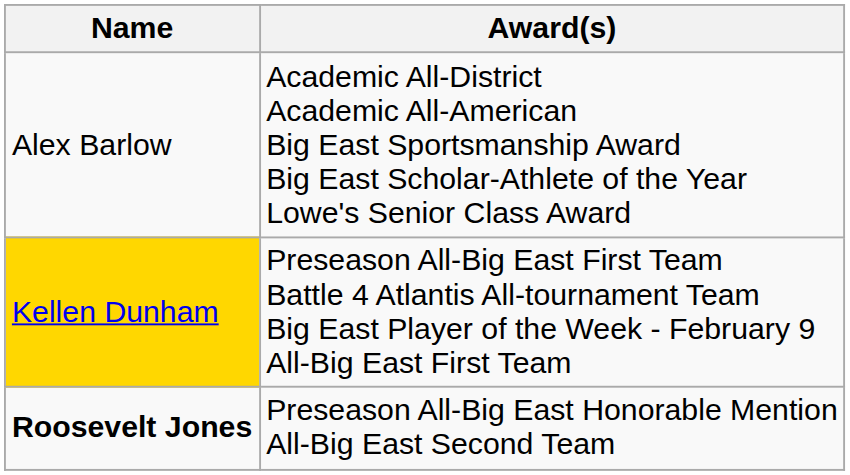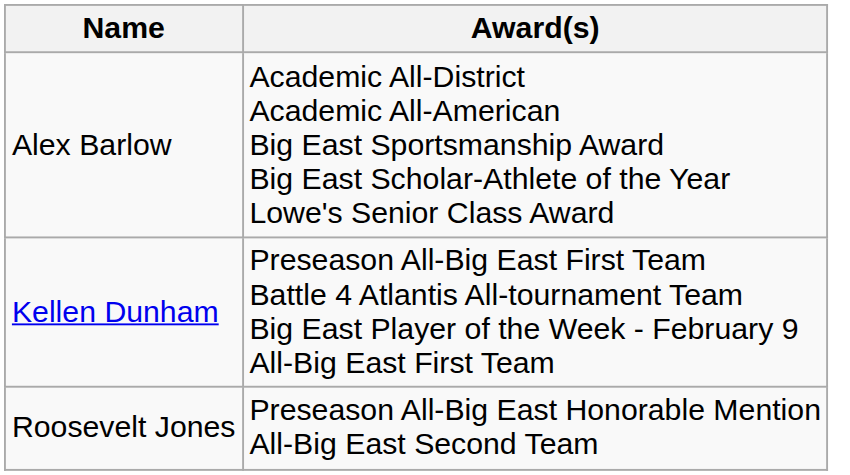 <table class="wikitable sortable" border="1">
 <tr>
 <th>Name</th>
 <th>Award(s)</th>
 </tr>
 <tr>
 <td>Alex Barlow</td>
 <td>Academic All-District<br>Academic All-American<br>Big East Sportsmanship Award<br>Big East Scholar-Athlete of the Year<br>Lowe's Senior Class Award</td>
 </tr>
 <tr>
-<td style="background: gold;"><a href='#'>Kellen Dunham</a></td>
+<td><a href='#'>Kellen Dunham</a></td>
 <td>Preseason All-Big East First Team<br>Battle 4 Atlantis All-tournament Team<br>Big East Player of the Week - February 9<br>All-Big East First Team</td>
 </tr>
 <tr>
-<td><strong>Roosevelt Jones</strong></td>
+<td>Roosevelt Jones</td>
 <td>Preseason All-Big East Honorable Mention<br>All-Big East Second Team</td>
 </tr>
 </table>
